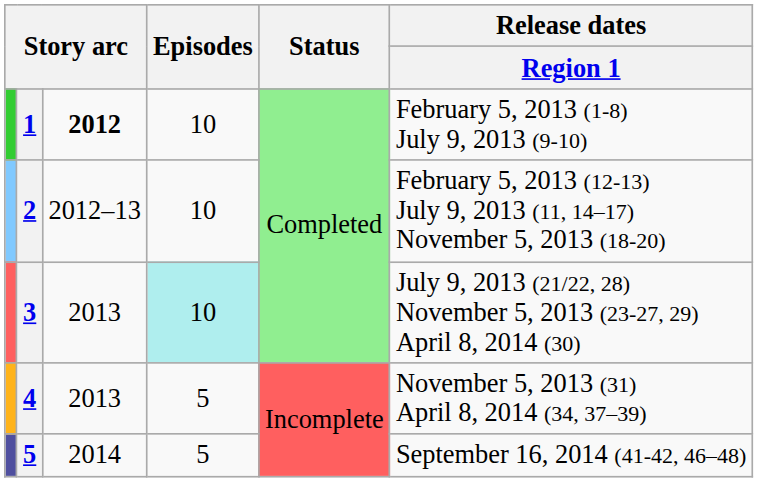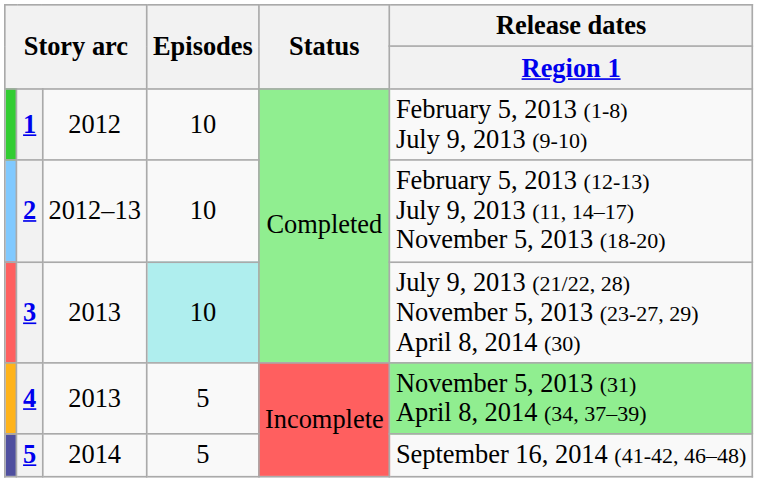 <table class="wikitable">
 <tr>
 <th colspan=3 rowspan=2>Story arc</th>
 <th rowspan=2>Episodes</th>
 <th rowspan=2>Status</th>
 <th colspan=2>Release dates</th>
 </tr>
 <tr>
 <th><a href='#'>Region 1</a></th>
 </tr>
 <tr>
 <th style="background:#32cd32"></th>
 <th><a href='#'>1</a></th>
-<td style="text-align: center"><strong>2012</strong></td>
+<td style="text-align: center">2012</td>
 <td style="text-align: center">10</td>
 <td rowspan=3 style="text-align: center; background:lightgreen">Completed</td>
 <td>February 5, 2013 <small>(1-8)</small><br>July 9, 2013 <small>(9-10)</small></td>
 </tr>
 <tr>
 <th style="background:#80C9FF"></th>
 <th><a href='#'>2</a></th>
 <td style="text-align: center">2012–13</td>
 <td style="text-align: center">10</td>
 <td>February 5, 2013 <small>(12-13)</small><br>July 9, 2013 <small>(11, 14–17)</small><br>November 5, 2013 <small>(18-20)</small></td>
 </tr>
 <tr>
 <th style="background:#ff5f5f"></th>
 <th><a href='#'>3</a></th>
 <td style="text-align: center">2013</td>
 <td style="background: paleturquoise; text-align: center">10</td>
 <td>July 9, 2013 <small>(21/22, 28)</small><br>November 5, 2013 <small>(23-27, 29)</small><br>April 8, 2014 <small>(30)</small></td>
 </tr>
 <tr>
 <th style="background:#ffb31a"></th>
 <th><a href='#'>4</a></th>
 <td style="text-align: center">2013</td>
 <td style="text-align: center">5</td>
 <td rowspan=2 style="text-align: center; background:#ff5f5f">Incomplete</td>
-<td>November 5, 2013 <small>(31)</small><br>April 8, 2014 <small>(34, 37–39)</small></td>
+<td style="background: lightgreen;">November 5, 2013 <small>(31)</small><br>April 8, 2014 <small>(34, 37–39)</small></td>
 </tr>
 <tr>
 <th style="background:#4F4F9F"></th>
 <th><a href='#'>5</a></th>
 <td style="text-align: center">2014</td>
 <td style="text-align: center">5</td>
 <td>September 16, 2014 <small>(41-42, 46–48)</small></td>
 </tr>
 </table>
